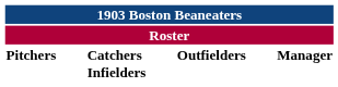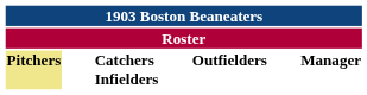 <table class="toccolours" style="font-size: 95%;">
 <tr>
 <th colspan="10" style="background-color: #0f437c; color: white; text-align: center;">1903 Boston Beaneaters</th>
 </tr>
 <tr>
 <td colspan="10" style="background-color: #af0039; color: white; text-align: center;"><strong>Roster</strong></td>
 </tr>
 <tr>
-<td valign="top"><strong>Pitchers</strong><br>    </td>
+<td valign="top" style="background: khaki;"><strong>Pitchers</strong><br>    </td>
 <td width="25px"></td>
 <td valign="top"><strong>Catchers</strong><br>  <strong>Infielders</strong>     </td>
 <td width="25px"></td>
 <td valign="top"><strong>Outfielders</strong><br>    </td>
 <td width="25px"></td>
 <td valign="top"><strong>Manager</strong><br></td>
 </tr>
 </table>
